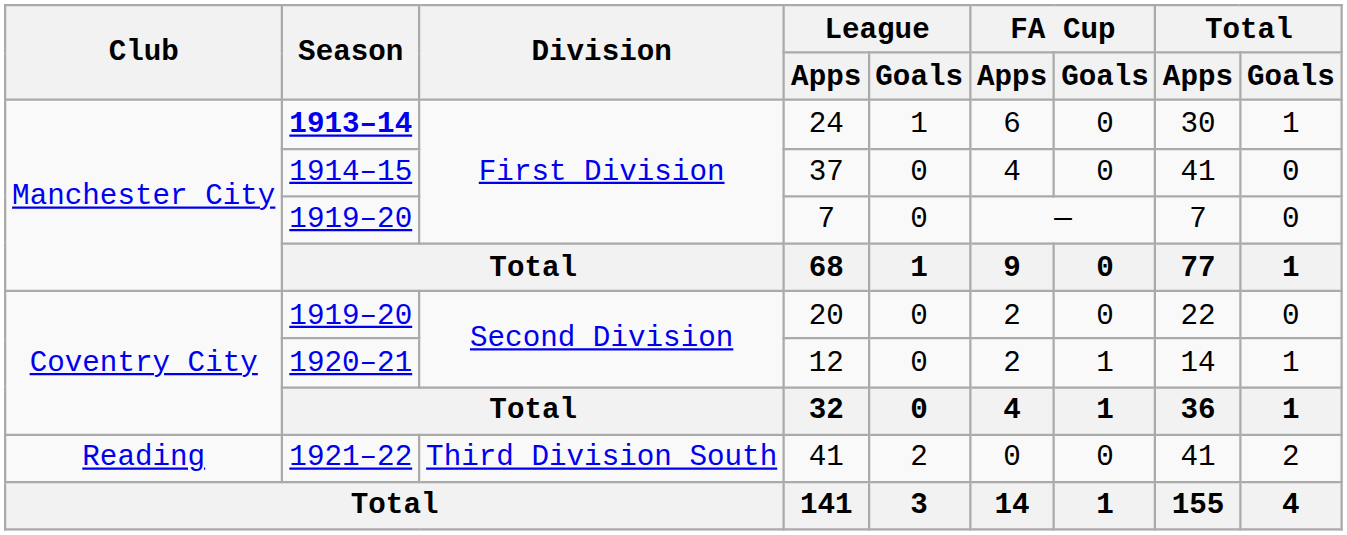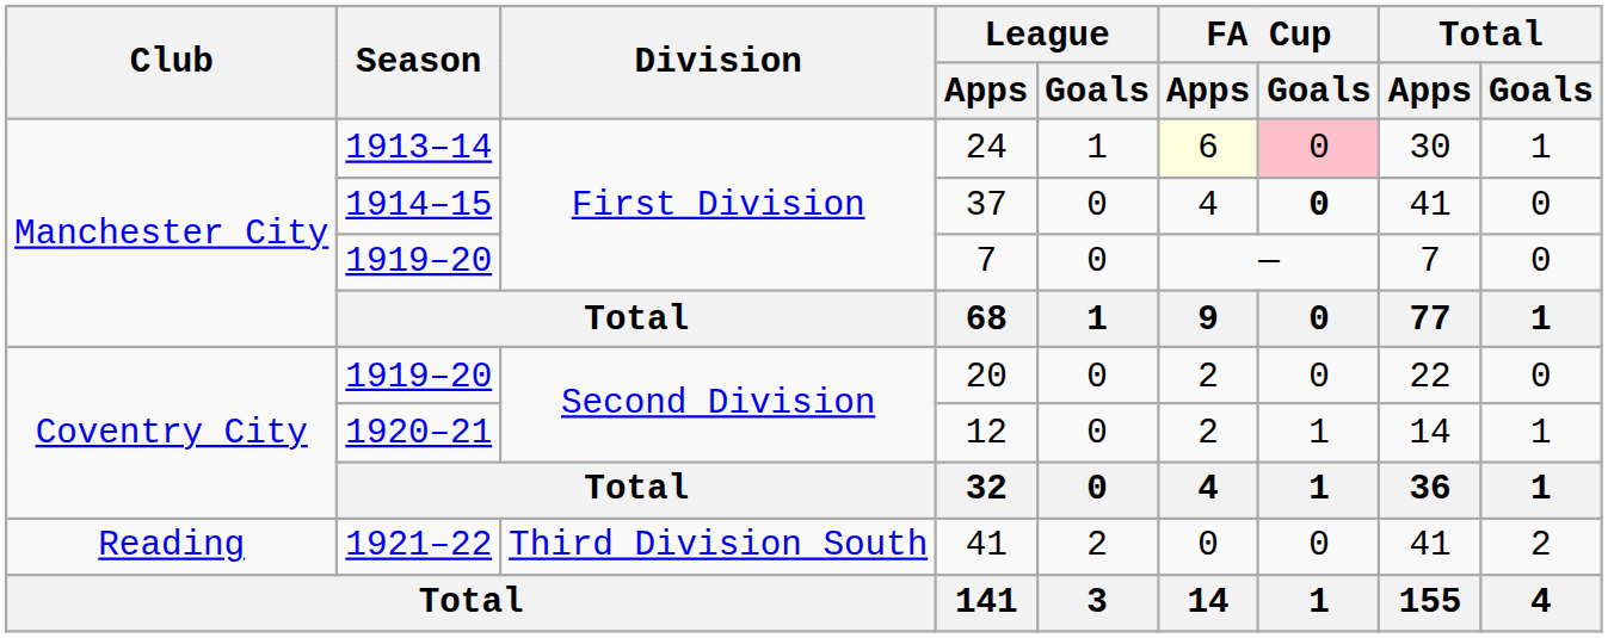 <table class="wikitable" style="text-align: center;">
 <tr>
 <th rowspan="2">Club</th>
 <th rowspan="2">Season</th>
 <th rowspan="2">Division</th>
 <th colspan="2">League</th>
 <th colspan="2">FA Cup</th>
 <th colspan="2">Total</th>
 </tr>
 <tr>
 <th>Apps</th>
 <th>Goals</th>
 <th>Apps</th>
 <th>Goals</th>
 <th>Apps</th>
 <th>Goals</th>
 </tr>
 <tr>
 <td rowspan="4"><a href='#'>Manchester City</a></td>
-<td><strong><a href='#'>1913–14</a></strong></td>
+<td><a href='#'>1913–14</a></td>
 <td rowspan="3"><a href='#'>First Division</a></td>
 <td>24</td>
 <td>1</td>
-<td>6</td>
-<td>0</td>
+<td style="background: lightyellow;">6</td>
+<td style="background: pink;">0</td>
 <td>30</td>
 <td>1</td>
 </tr>
 <tr>
 <td><a href='#'>1914–15</a></td>
 <td>37</td>
 <td>0</td>
 <td>4</td>
-<td>0</td>
+<td><strong>0</strong></td>
 <td>41</td>
 <td>0</td>
 </tr>
 <tr>
 <td><a href='#'>1919–20</a></td>
 <td>7</td>
 <td>0</td>
 <td colspan="2">—</td>
 <td>7</td>
 <td>0</td>
 </tr>
 <tr>
 <th colspan="2">Total</th>
 <th>68</th>
 <th>1</th>
 <th>9</th>
 <th>0</th>
 <th>77</th>
 <th>1</th>
 </tr>
 <tr>
 <td rowspan="3"><a href='#'>Coventry City</a></td>
 <td><a href='#'>1919–20</a></td>
 <td rowspan="2"><a href='#'>Second Division</a></td>
 <td>20</td>
 <td>0</td>
 <td>2</td>
 <td>0</td>
 <td>22</td>
 <td>0</td>
 </tr>
 <tr>
 <td><a href='#'>1920–21</a></td>
 <td>12</td>
 <td>0</td>
 <td>2</td>
 <td>1</td>
 <td>14</td>
 <td>1</td>
 </tr>
 <tr>
 <th colspan="2">Total</th>
 <th>32</th>
 <th>0</th>
 <th>4</th>
 <th>1</th>
 <th>36</th>
 <th>1</th>
 </tr>
 <tr>
 <td><a href='#'>Reading</a></td>
 <td><a href='#'>1921–22</a></td>
 <td><a href='#'>Third Division South</a></td>
 <td>41</td>
 <td>2</td>
 <td>0</td>
 <td>0</td>
 <td>41</td>
 <td>2</td>
 </tr>
 <tr>
 <th colspan="3">Total</th>
 <th>141</th>
 <th>3</th>
 <th>14</th>
 <th>1</th>
 <th>155</th>
 <th>4</th>
 </tr>
 </table>
